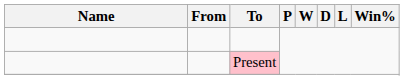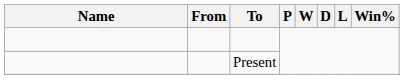 <table class="wikitable sortable" style="text-align: center;">
 <tr>
 <th style="width:12em">Name</th>
 <th>From</th>
 <th>To</th>
 <th>P</th>
 <th>W</th>
 <th>D</th>
 <th>L</th>
 <th>Win%</th>
 </tr>
 <tr>
 <td align=left></td>
 <td></td>
 <td><br></td>
 </tr>
 <tr>
 <td align=left></td>
 <td></td>
-<td style="background: pink;">Present<br></td>
+<td>Present<br></td>
 </tr>
 <tr>
 </tr>
 </table>
